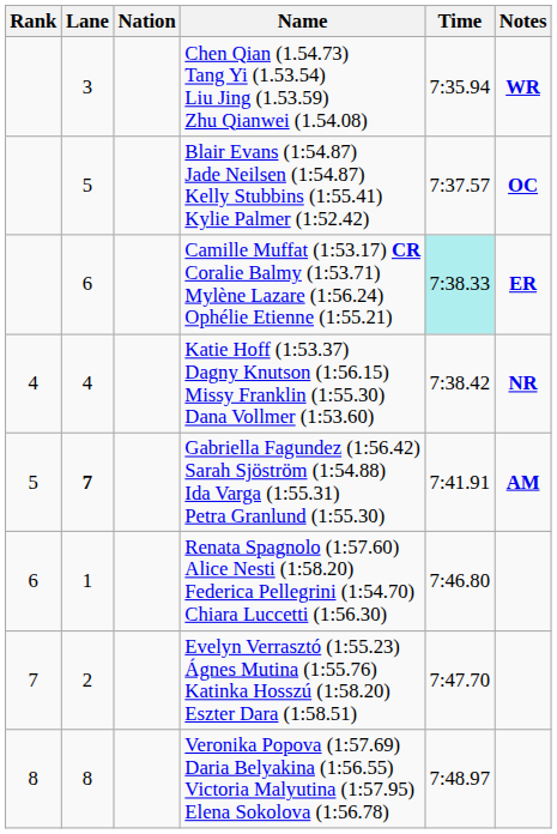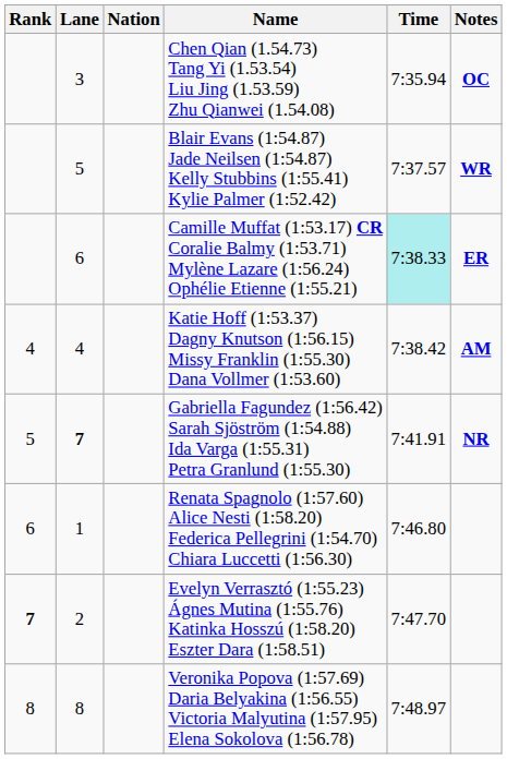 <table class="wikitable sortable" style="text-align:center">
 <tr>
 <th>Rank</th>
 <th>Lane</th>
 <th>Nation</th>
 <th>Name</th>
 <th>Time</th>
 <th>Notes</th>
 </tr>
 <tr>
 <td></td>
 <td>3</td>
 <td align=left></td>
 <td align=left><a href='#'>Chen Qian</a> (1.54.73)<br><a href='#'>Tang Yi</a> (1.53.54)<br><a href='#'>Liu Jing</a> (1.53.59)<br><a href='#'>Zhu Qianwei</a> (1.54.08)</td>
 <td>7:35.94</td>
-<td><strong><a href='#'>WR</a></strong></td>
+<td><strong><a href='#'>OC</a></strong></td>
 </tr>
 <tr>
 <td></td>
 <td>5</td>
 <td align=left></td>
 <td align=left><a href='#'>Blair Evans</a> (1:54.87)<br><a href='#'>Jade Neilsen</a> (1:54.87)<br><a href='#'>Kelly Stubbins</a> (1:55.41)<br><a href='#'>Kylie Palmer</a> (1:52.42)</td>
 <td>7:37.57</td>
-<td><strong><a href='#'>OC</a></strong></td>
+<td><strong><a href='#'>WR</a></strong></td>
 </tr>
 <tr>
 <td></td>
 <td>6</td>
 <td align=left></td>
 <td align=left><a href='#'>Camille Muffat</a> (1:53.17) <strong><a href='#'>CR</a></strong><br><a href='#'>Coralie Balmy</a> (1:53.71)<br><a href='#'>Mylène Lazare</a> (1:56.24)<br><a href='#'>Ophélie Etienne</a> (1:55.21)</td>
 <td style="background: paleturquoise;">7:38.33</td>
 <td><strong><a href='#'>ER</a></strong></td>
 </tr>
 <tr>
 <td>4</td>
 <td>4</td>
 <td align=left></td>
 <td align=left><a href='#'>Katie Hoff</a> (1:53.37)<br><a href='#'>Dagny Knutson</a> (1:56.15)<br><a href='#'>Missy Franklin</a> (1:55.30)<br><a href='#'>Dana Vollmer</a> (1:53.60)</td>
 <td>7:38.42</td>
-<td><strong><a href='#'>NR</a></strong></td>
+<td><strong><a href='#'>AM</a></strong></td>
 </tr>
 <tr>
 <td>5</td>
 <td><strong>7</strong></td>
 <td align=left></td>
 <td align=left><a href='#'>Gabriella Fagundez</a> (1:56.42)<br><a href='#'>Sarah Sjöström</a> (1:54.88)<br><a href='#'>Ida Varga</a> (1:55.31)<br><a href='#'>Petra Granlund</a> (1:55.30)</td>
 <td>7:41.91</td>
-<td><strong><a href='#'>AM</a></strong></td>
+<td><strong><a href='#'>NR</a></strong></td>
 </tr>
 <tr>
 <td>6</td>
 <td>1</td>
 <td align=left></td>
 <td align=left><a href='#'>Renata Spagnolo</a> (1:57.60)<br><a href='#'>Alice Nesti</a> (1:58.20)<br><a href='#'>Federica Pellegrini</a> (1:54.70)<br><a href='#'>Chiara Luccetti</a> (1:56.30)</td>
 <td>7:46.80</td>
 <td></td>
 </tr>
 <tr>
-<td>7</td>
+<td><strong>7</strong></td>
 <td>2</td>
 <td align=left></td>
 <td align=left><a href='#'>Evelyn Verrasztó</a> (1:55.23)<br><a href='#'>Ágnes Mutina</a> (1:55.76)<br><a href='#'>Katinka Hosszú</a> (1:58.20)<br><a href='#'>Eszter Dara</a> (1:58.51)</td>
 <td>7:47.70</td>
 <td></td>
 </tr>
 <tr>
 <td>8</td>
 <td>8</td>
 <td align=left></td>
 <td align=left><a href='#'>Veronika Popova</a> (1:57.69)<br><a href='#'>Daria Belyakina</a> (1:56.55)<br><a href='#'>Victoria Malyutina</a> (1:57.95)<br><a href='#'>Elena Sokolova</a> (1:56.78)</td>
 <td>7:48.97</td>
 <td></td>
 </tr>
 </table>
